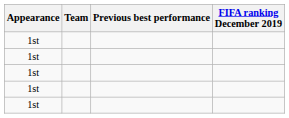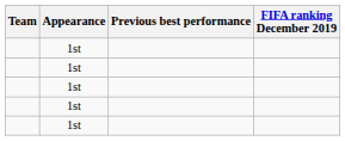 <table class="wikitable sortable">
 <tr>
+<th>Team</th>
 <th data-sort-type="number">Appearance</th>
-<th>Team</th>
 <th>Previous best performance</th>
 <th data-sort-type="number"><a href='#'>FIFA ranking</a><br>December 2019</th>
 </tr>
 <tr>
+<td></td>
 <td style="text-align:center">1st</td>
-<td></td>
 <td></td>
 <td></td>
 </tr>
 <tr>
+<td></td>
 <td style="text-align:center">1st</td>
-<td></td>
 <td></td>
 <td></td>
 </tr>
 <tr>
+<td></td>
 <td style="text-align:center">1st</td>
-<td></td>
 <td></td>
 <td></td>
 </tr>
 <tr>
+<td></td>
 <td style="text-align:center">1st</td>
-<td></td>
 <td></td>
 <td></td>
 </tr>
 <tr>
+<td></td>
 <td style="text-align:center">1st</td>
-<td></td>
 <td></td>
 <td></td>
 </tr>
 </table>
